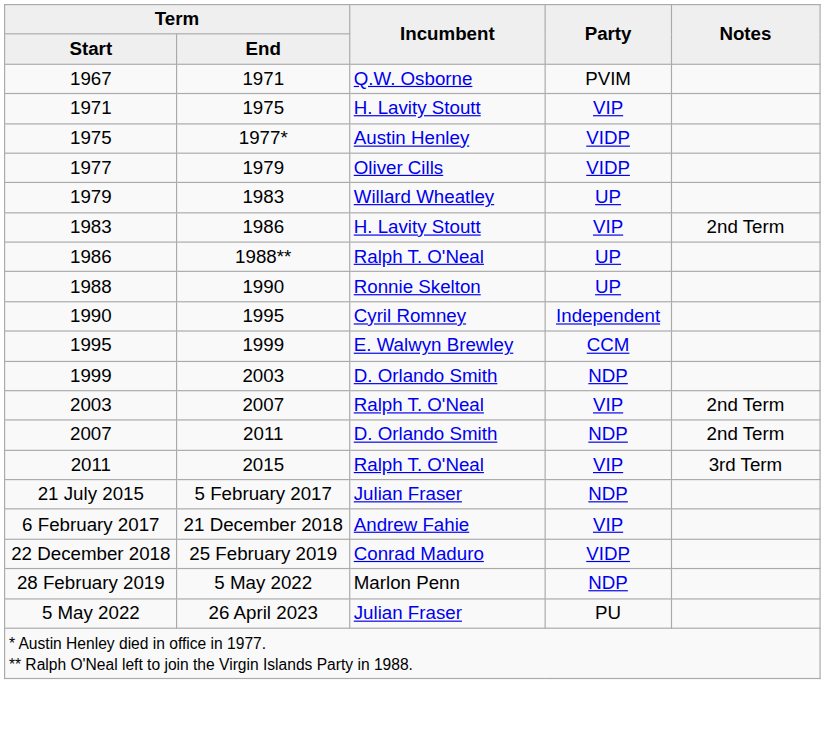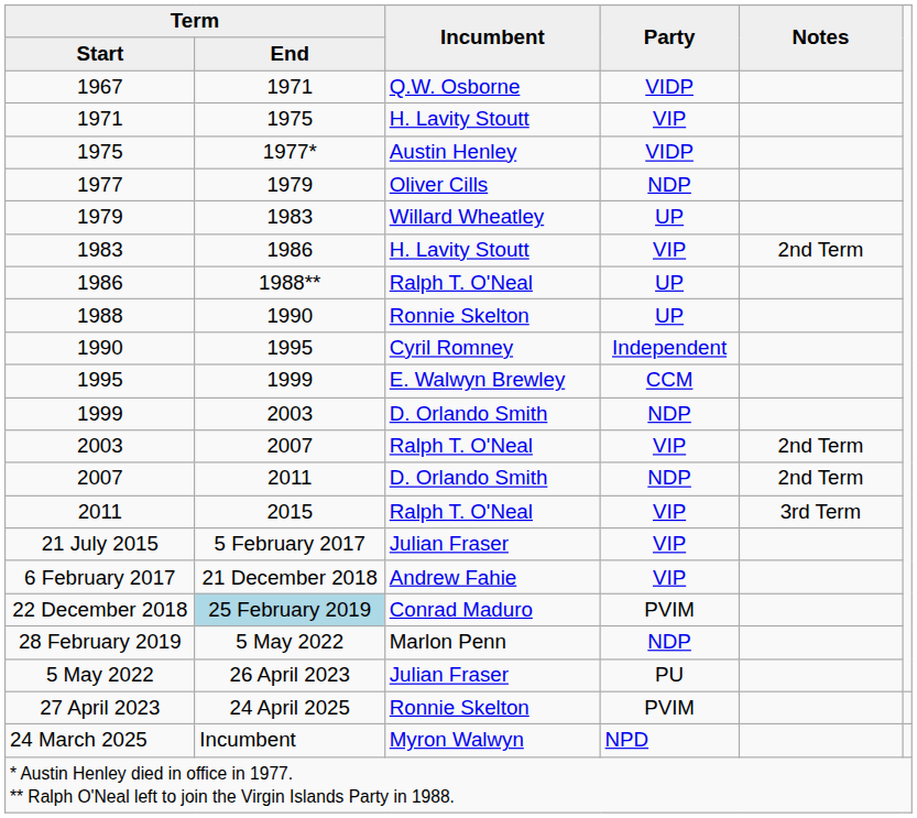 <table class="wikitable">
 <tr>
 <th colspan="2" style="background: #efefef;" width="280">Term</th>
 <th rowspan="2" style="background: #efefef;" width="160">Incumbent</th>
 <th rowspan="2" style="background: #efefef;" width="100">Party</th>
 <th rowspan="2" style="background: #efefef;" width="120">Notes</th>
 </tr>
 <tr>
 <td style="background: #efefef;" align="center" width="140"><strong>Start</strong></td>
 <td style="background: #efefef;" align="center" width="140"><strong>End</strong></td>
 </tr>
 <tr>
 <td align="center">1967</td>
 <td align="center">1971</td>
 <td><a href='#'>Q.W. Osborne</a></td>
-<td align="center">PVIM</td>
+<td align="center"><a href='#'>VIDP</a></td>
 <td></td>
 </tr>
 <tr>
 <td align="center">1971</td>
 <td align="center">1975</td>
 <td><a href='#'>H. Lavity Stoutt</a></td>
 <td align="center"><a href='#'>VIP</a></td>
 <td></td>
 </tr>
 <tr>
 <td align="center">1975</td>
 <td align="center">1977*</td>
 <td><a href='#'>Austin Henley</a></td>
 <td align="center"><a href='#'>VIDP</a></td>
 <td></td>
 </tr>
 <tr>
 <td align="center">1977</td>
 <td align="center">1979</td>
 <td><a href='#'>Oliver Cills</a></td>
-<td align="center"><a href='#'>VIDP</a></td>
+<td align="center"><a href='#'>NDP</a></td>
 <td></td>
 </tr>
 <tr>
 <td align="center">1979</td>
 <td align="center">1983</td>
 <td><a href='#'>Willard Wheatley</a></td>
 <td align="center"><a href='#'>UP</a></td>
 <td></td>
 </tr>
 <tr>
 <td align="center">1983</td>
 <td align="center">1986</td>
 <td><a href='#'>H. Lavity Stoutt</a></td>
 <td align="center"><a href='#'>VIP</a></td>
 <td align="center">2nd Term</td>
 </tr>
 <tr>
 <td align="center">1986</td>
 <td align="center">1988**</td>
 <td><a href='#'>Ralph T. O'Neal</a></td>
 <td align="center"><a href='#'>UP</a></td>
 <td></td>
 </tr>
 <tr>
 <td align="center">1988</td>
 <td align="center">1990</td>
 <td><a href='#'>Ronnie Skelton</a></td>
 <td align="center"><a href='#'>UP</a></td>
 <td></td>
 </tr>
 <tr>
 <td align="center">1990</td>
 <td align="center">1995</td>
 <td><a href='#'>Cyril Romney</a></td>
 <td align="center"><a href='#'>Independent</a></td>
 <td></td>
 </tr>
 <tr>
 <td align="center">1995</td>
 <td align="center">1999</td>
 <td><a href='#'>E. Walwyn Brewley</a></td>
 <td align="center"><a href='#'>CCM</a></td>
 <td></td>
 </tr>
 <tr>
 <td align="center">1999</td>
 <td align="center">2003</td>
 <td><a href='#'>D. Orlando Smith</a></td>
 <td align="center"><a href='#'>NDP</a></td>
 <td></td>
 </tr>
 <tr>
 <td align="center">2003</td>
 <td align="center">2007</td>
 <td><a href='#'>Ralph T. O'Neal</a></td>
 <td align="center"><a href='#'>VIP</a></td>
 <td align="center">2nd Term</td>
 </tr>
 <tr>
 <td align="center">2007</td>
 <td align="center">2011</td>
 <td><a href='#'>D. Orlando Smith</a></td>
 <td align="center"><a href='#'>NDP</a></td>
 <td align="center">2nd Term</td>
 </tr>
 <tr>
 <td align="center">2011</td>
 <td align="center">2015</td>
 <td><a href='#'>Ralph T. O'Neal</a></td>
 <td align="center"><a href='#'>VIP</a></td>
 <td align="center">3rd Term</td>
 </tr>
 <tr>
 <td align="center">21 July 2015</td>
 <td align="center">5 February 2017</td>
 <td><a href='#'>Julian Fraser</a></td>
-<td align="center"><a href='#'>NDP</a></td>
+<td align="center"><a href='#'>VIP</a></td>
 <td></td>
 </tr>
 <tr>
 <td align="center">6 February 2017</td>
 <td align="center">21 December 2018</td>
 <td><a href='#'>Andrew Fahie</a></td>
 <td align="center"><a href='#'>VIP</a></td>
 <td></td>
 </tr>
 <tr>
 <td align="center">22 December 2018</td>
-<td align="center">25 February 2019</td>
+<td align="center" style="background: lightblue;">25 February 2019</td>
 <td><a href='#'>Conrad Maduro</a></td>
-<td align="center"><a href='#'>VIDP</a></td>
+<td align="center">PVIM</td>
 <td></td>
 </tr>
 <tr>
 <td align="center">28 February 2019</td>
 <td align="center">5 May 2022</td>
 <td>Marlon Penn</td>
 <td align="center"><a href='#'>NDP</a></td>
 <td></td>
 </tr>
 <tr>
 <td align="center">5 May 2022</td>
 <td align="center">26 April 2023</td>
 <td><a href='#'>Julian Fraser</a></td>
 <td align="center">PU</td>
 <td></td>
 </tr>
 <tr>
+<td align="center">27 April 2023</td>
+<td align="center">24 April 2025</td>
+<td><a href='#'>Ronnie Skelton</a></td>
+<td align="center">PVIM</td>
+<td></td>
+<td></td>
+</tr>
+<tr>
+<td>24 March 2025</td>
+<td>Incumbent</td>
+<td><a href='#'>Myron Walwyn</a></td>
+<td><a href='#'>NPD</a></td>
+<td></td>
+<td></td>
+</tr>
+<tr>
 <td colspan=6><small>* Austin Henley died in office in 1977.<br>** Ralph O'Neal left to join the Virgin Islands Party in 1988.</small></td>
 </tr>
 </table>
